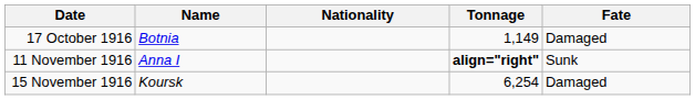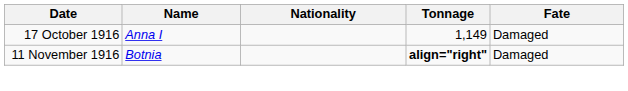 <table class="wikitable sortable">
 <tr>
 <th width="140px">Date</th>
 <th width="140px">Name</th>
 <th width="200px">Nationality</th>
 <th width="25px">Tonnage</th>
 <th width="160px">Fate</th>
 </tr>
 <tr>
 <td align="right">17 October 1916</td>
-<td align="left"><a href='#'><em>Botnia</em></a></td>
+<td align="left"><a href='#'><em>Anna I</em></a></td>
 <td align="left"></td>
 <td align="right">1,149</td>
 <td align="left">Damaged</td>
 </tr>
 <tr>
 <td align="right">11 November 1916</td>
-<td align="left"><a href='#'><em>Anna I</em></a></td>
+<td align="left"><a href='#'><em>Botnia</em></a></td>
 <td align="left"></td>
 <td><strong>align="right"</strong></td>
-<td align="left">Sunk</td>
-</tr>
-<tr>
-<td align="right">15 November 1916</td>
-<td align="left"><em>Koursk</em></td>
-<td align="left"></td>
-<td align="right">6,254</td>
 <td align="left">Damaged</td>
 </tr>
 </table>
